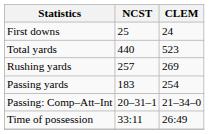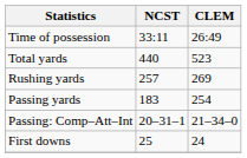 <table class="wikitable" style="float: left;">
 <tr>
 <th>Statistics</th>
 <th>NCST</th>
 <th>CLEM</th>
 </tr>
 <tr>
-<td>First downs</td>
-<td>25</td>
-<td>24</td>
+<td>Time of possession</td>
+<td>33:11</td>
+<td>26:49</td>
 </tr>
 <tr>
 <td>Total yards</td>
 <td>440</td>
 <td>523</td>
 </tr>
 <tr>
 <td>Rushing yards</td>
 <td>257</td>
 <td>269</td>
 </tr>
 <tr>
 <td>Passing yards</td>
 <td>183</td>
 <td>254</td>
 </tr>
 <tr>
 <td>Passing: Comp–Att–Int</td>
 <td>20–31–1</td>
 <td>21–34–0</td>
 </tr>
 <tr>
-<td>Time of possession</td>
-<td>33:11</td>
-<td>26:49</td>
+<td>First downs</td>
+<td>25</td>
+<td>24</td>
 </tr>
 <tr>
 </tr>
 </table>
